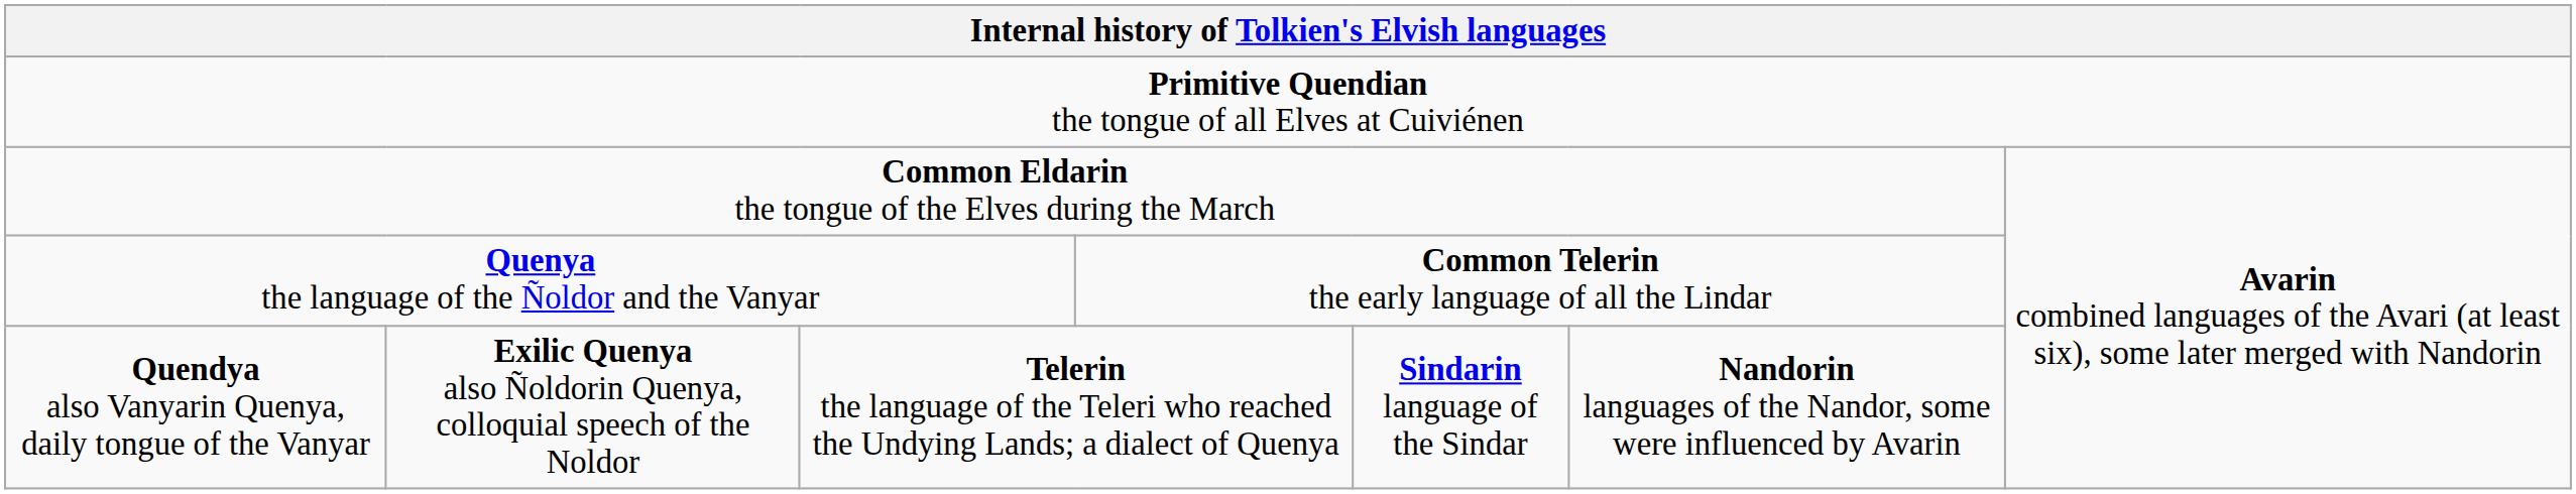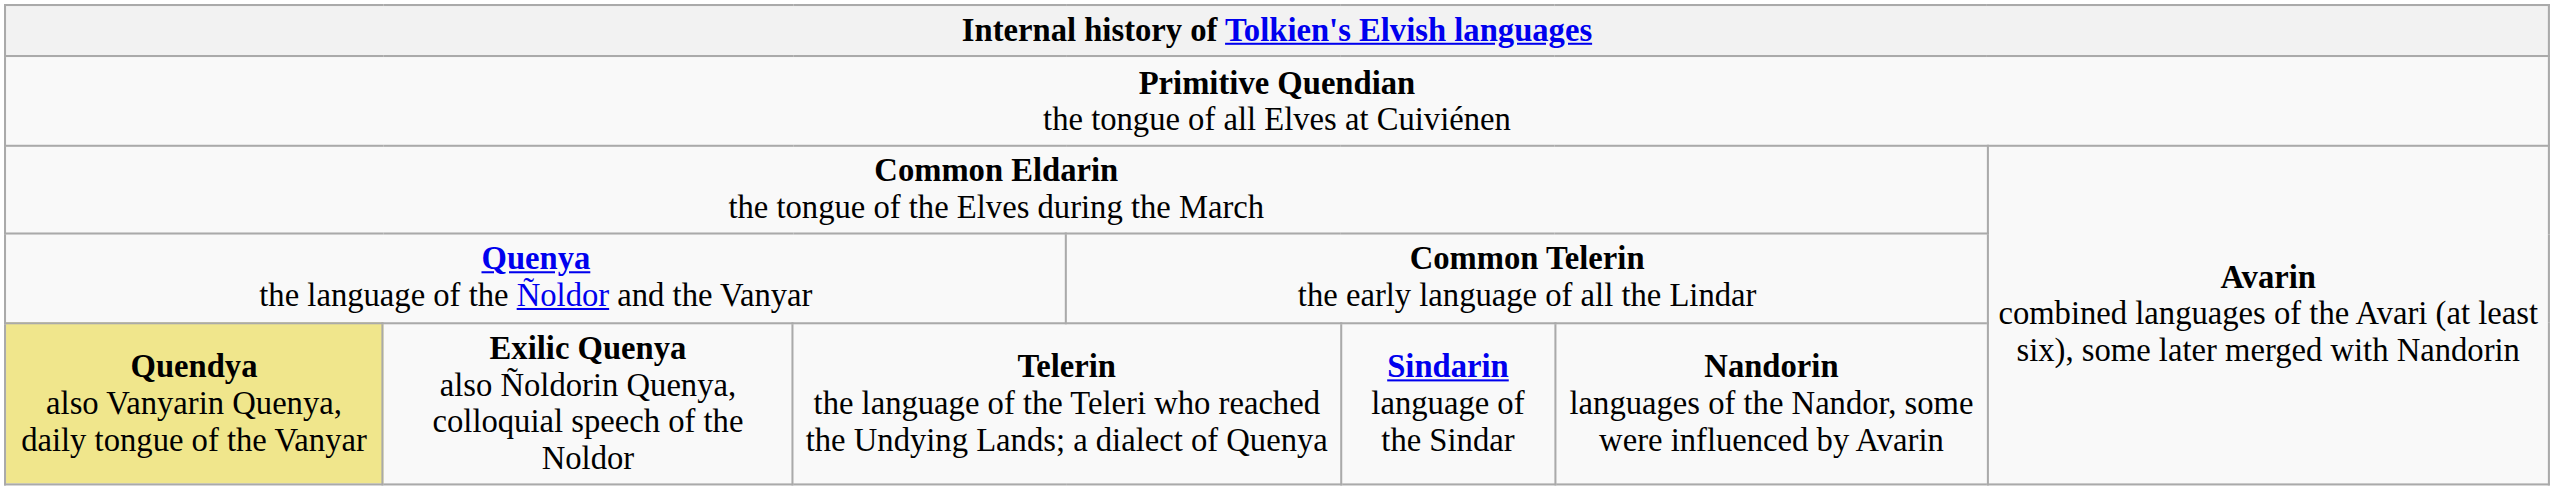 <table class="wikitable">
 <tr>
 <th colspan = "7">Internal history of <a href='#'>Tolkien's Elvish languages</a></th>
 </tr>
 <tr>
 <td align="center"  colspan="7"><strong>Primitive Quendian</strong> <br> the tongue of all Elves at Cuiviénen</td>
 </tr>
 <tr>
 <td align="center"  colspan="6"><strong>Common Eldarin</strong> <br> the tongue of the Elves during the March</td>
 <td align="center"  rowspan="3"><strong>Avarin</strong> <br> combined languages of the Avari (at least six), some later merged with Nandorin</td>
 </tr>
 <tr>
 <td align="center"  colspan="3"><strong><a href='#'>Quenya</a></strong> <br> the language of the <a href='#'>Ñoldor</a> and the Vanyar</td>
 <td align="center"  colspan="3"><strong>Common Telerin</strong> <br> the early language of all the Lindar</td>
 </tr>
 <tr>
-<td align="center"><strong>Quendya</strong> <br> also Vanyarin Quenya, daily tongue of the Vanyar</td>
+<td align="center" style="background: khaki;"><strong>Quendya</strong> <br> also Vanyarin Quenya, daily tongue of the Vanyar</td>
 <td align="center"><strong>Exilic Quenya</strong> <br> also Ñoldorin Quenya, colloquial speech of the Noldor</td>
 <td align="center"  colspan="2"><strong>Telerin</strong> <br> the language of the Teleri who reached the Undying Lands; a dialect of Quenya</td>
 <td align="center"><strong><a href='#'>Sindarin</a></strong> <br> language of the Sindar</td>
 <td align="center"><strong>Nandorin</strong> <br> languages of the Nandor, some were influenced by Avarin</td>
 </tr>
 </table>
